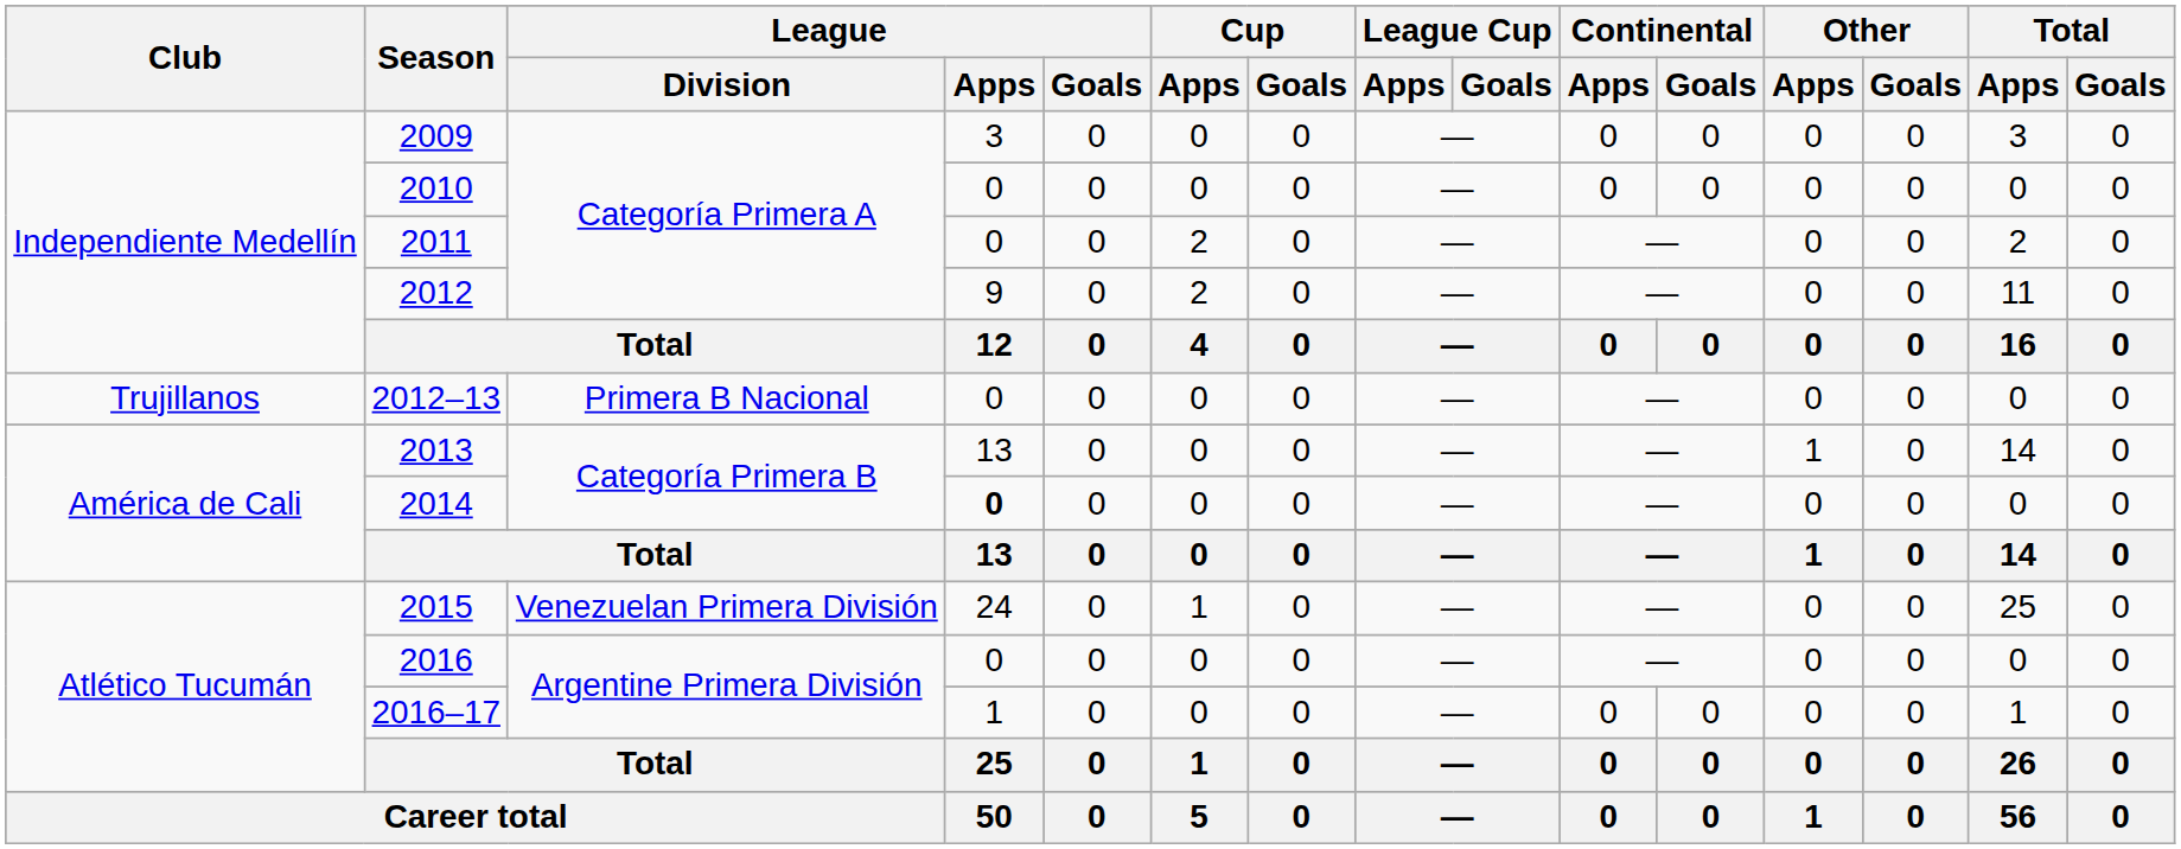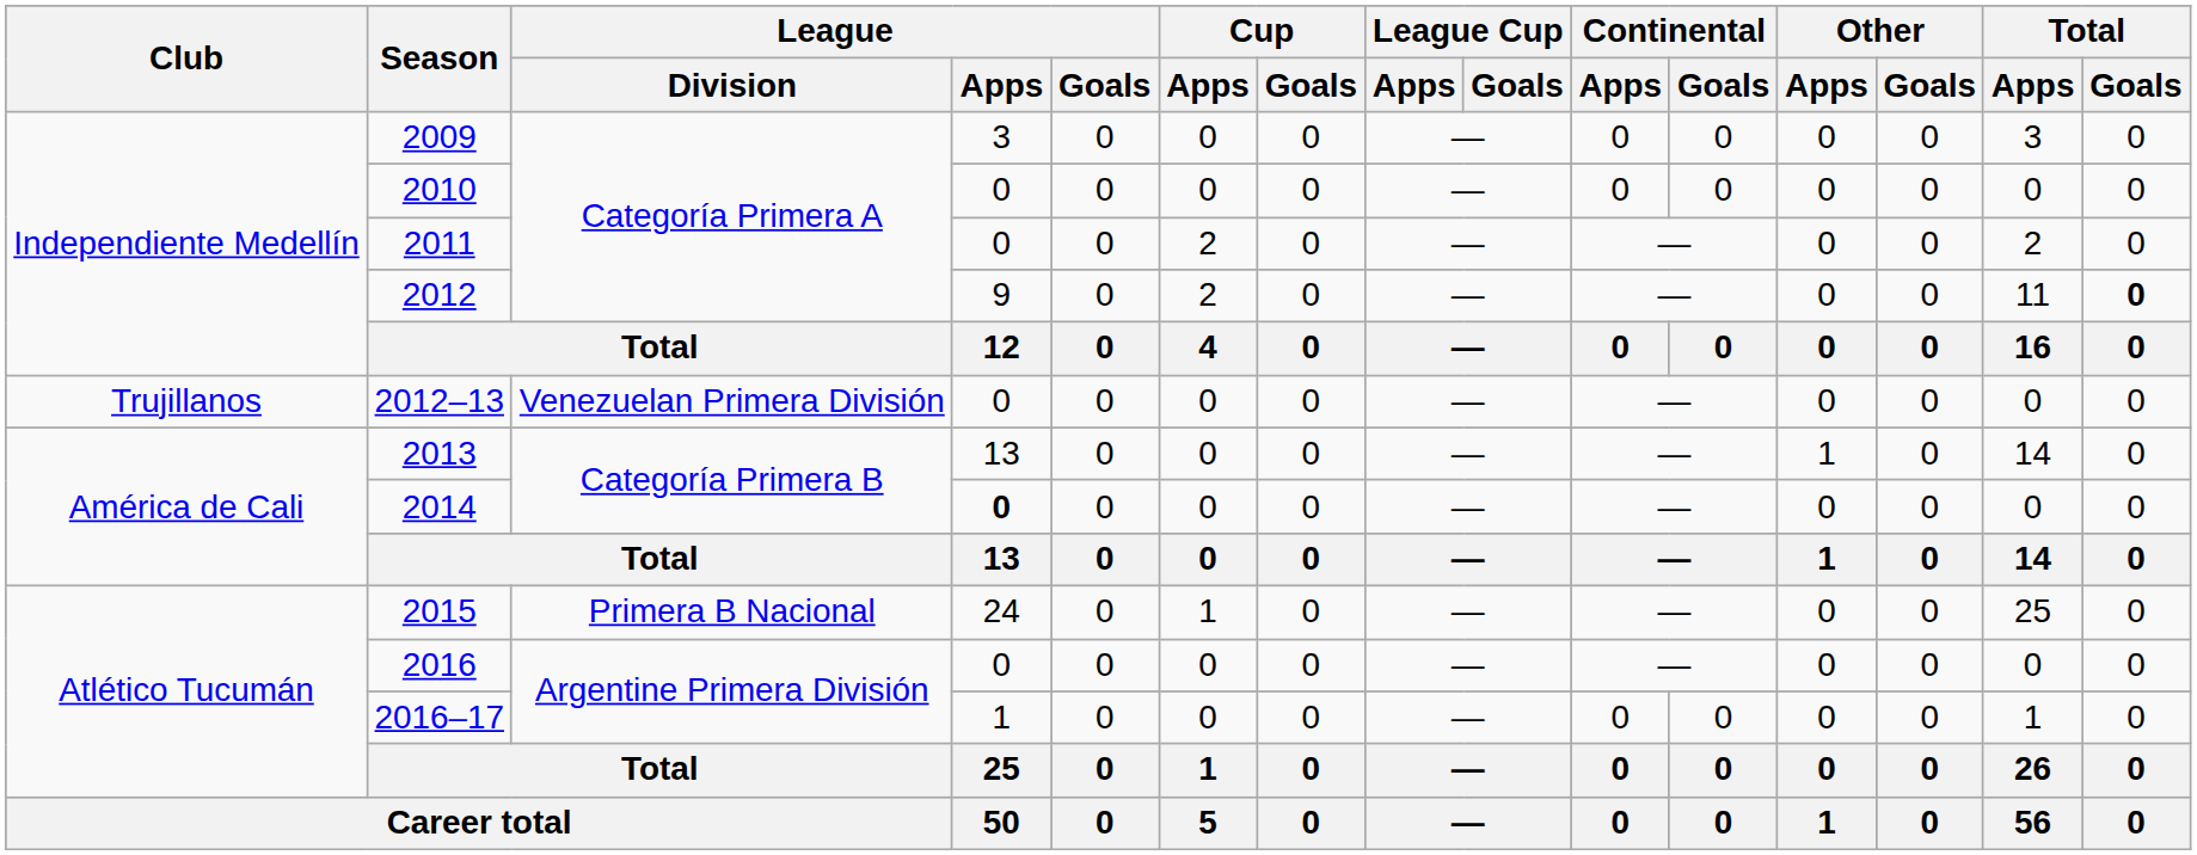 <table class="wikitable" style="text-align:center">
 <tr>
 <th rowspan="2">Club</th>
 <th rowspan="2">Season</th>
 <th colspan="3">League</th>
 <th colspan="2">Cup</th>
 <th colspan="2">League Cup</th>
 <th colspan="2">Continental</th>
 <th colspan="2">Other</th>
 <th colspan="2">Total</th>
 </tr>
 <tr>
 <th>Division</th>
 <th>Apps</th>
 <th>Goals</th>
 <th>Apps</th>
 <th>Goals</th>
 <th>Apps</th>
 <th>Goals</th>
 <th>Apps</th>
 <th>Goals</th>
 <th>Apps</th>
 <th>Goals</th>
 <th>Apps</th>
 <th>Goals</th>
 </tr>
 <tr>
 <td rowspan="5"><a href='#'>Independiente Medellín</a></td>
 <td><a href='#'>2009</a></td>
 <td rowspan="4"><a href='#'>Categoría Primera A</a></td>
 <td>3</td>
 <td>0</td>
 <td>0</td>
 <td>0</td>
 <td colspan="2">—</td>
 <td>0</td>
 <td>0</td>
 <td>0</td>
 <td>0</td>
 <td>3</td>
 <td>0</td>
 </tr>
 <tr>
 <td><a href='#'>2010</a></td>
 <td>0</td>
 <td>0</td>
 <td>0</td>
 <td>0</td>
 <td colspan="2">—</td>
 <td>0</td>
 <td>0</td>
 <td>0</td>
 <td>0</td>
 <td>0</td>
 <td>0</td>
 </tr>
 <tr>
 <td><a href='#'>2011</a></td>
 <td>0</td>
 <td>0</td>
 <td>2</td>
 <td>0</td>
 <td colspan="2">—</td>
 <td colspan="2">—</td>
 <td>0</td>
 <td>0</td>
 <td>2</td>
 <td>0</td>
 </tr>
 <tr>
 <td><a href='#'>2012</a></td>
 <td>9</td>
 <td>0</td>
 <td>2</td>
 <td>0</td>
 <td colspan="2">—</td>
 <td colspan="2">—</td>
 <td>0</td>
 <td>0</td>
 <td>11</td>
-<td>0</td>
+<td><strong>0</strong></td>
 </tr>
 <tr>
 <th colspan="2">Total</th>
 <th>12</th>
 <th>0</th>
 <th>4</th>
 <th>0</th>
 <th colspan="2">—</th>
 <th>0</th>
 <th>0</th>
 <th>0</th>
 <th>0</th>
 <th>16</th>
 <th>0</th>
 </tr>
 <tr>
 <td rowspan="1"><a href='#'>Trujillanos</a></td>
 <td><a href='#'>2012–13</a></td>
-<td rowspan="1"><a href='#'>Primera B Nacional</a></td>
+<td rowspan="1"><a href='#'>Venezuelan Primera División</a></td>
 <td>0</td>
 <td>0</td>
 <td>0</td>
 <td>0</td>
 <td colspan="2">—</td>
 <td colspan="2">—</td>
 <td>0</td>
 <td>0</td>
 <td>0</td>
 <td>0</td>
 </tr>
 <tr>
 <td rowspan="3"><a href='#'>América de Cali</a></td>
 <td><a href='#'>2013</a></td>
 <td rowspan="2"><a href='#'>Categoría Primera B</a></td>
 <td>13</td>
 <td>0</td>
 <td>0</td>
 <td>0</td>
 <td colspan="2">—</td>
 <td colspan="2">—</td>
 <td>1</td>
 <td>0</td>
 <td>14</td>
 <td>0</td>
 </tr>
 <tr>
 <td><a href='#'>2014</a></td>
 <td><strong>0</strong></td>
 <td>0</td>
 <td>0</td>
 <td>0</td>
 <td colspan="2">—</td>
 <td colspan="2">—</td>
 <td>0</td>
 <td>0</td>
 <td>0</td>
 <td>0</td>
 </tr>
 <tr>
 <th colspan="2">Total</th>
 <th>13</th>
 <th>0</th>
 <th>0</th>
 <th>0</th>
 <th colspan="2">—</th>
 <th colspan="2">—</th>
 <th>1</th>
 <th>0</th>
 <th>14</th>
 <th>0</th>
 </tr>
 <tr>
 <td rowspan="4"><a href='#'>Atlético Tucumán</a></td>
 <td><a href='#'>2015</a></td>
-<td rowspan="1"><a href='#'>Venezuelan Primera División</a></td>
+<td rowspan="1"><a href='#'>Primera B Nacional</a></td>
 <td>24</td>
 <td>0</td>
 <td>1</td>
 <td>0</td>
 <td colspan="2">—</td>
 <td colspan="2">—</td>
 <td>0</td>
 <td>0</td>
 <td>25</td>
 <td>0</td>
 </tr>
 <tr>
 <td><a href='#'>2016</a></td>
 <td rowspan="2"><a href='#'>Argentine Primera División</a></td>
 <td>0</td>
 <td>0</td>
 <td>0</td>
 <td>0</td>
 <td colspan="2">—</td>
 <td colspan="2">—</td>
 <td>0</td>
 <td>0</td>
 <td>0</td>
 <td>0</td>
 </tr>
 <tr>
 <td><a href='#'>2016–17</a></td>
 <td>1</td>
 <td>0</td>
 <td>0</td>
 <td>0</td>
 <td colspan="2">—</td>
 <td>0</td>
 <td>0</td>
 <td>0</td>
 <td>0</td>
 <td>1</td>
 <td>0</td>
 </tr>
 <tr>
 <th colspan="2">Total</th>
 <th>25</th>
 <th>0</th>
 <th>1</th>
 <th>0</th>
 <th colspan="2">—</th>
 <th>0</th>
 <th>0</th>
 <th>0</th>
 <th>0</th>
 <th>26</th>
 <th>0</th>
 </tr>
 <tr>
 <th colspan="3">Career total</th>
 <th>50</th>
 <th>0</th>
 <th>5</th>
 <th>0</th>
 <th colspan="2">—</th>
 <th>0</th>
 <th>0</th>
 <th>1</th>
 <th>0</th>
 <th>56</th>
 <th>0</th>
 </tr>
 </table>
